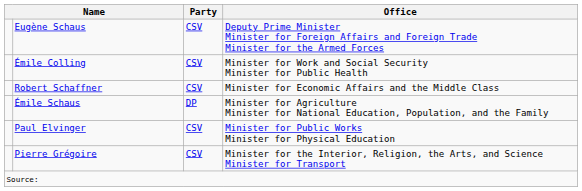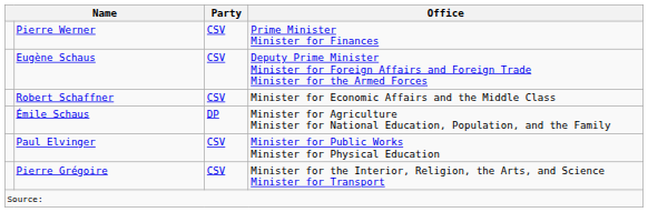 <table class="wikitable">
 <tr>
 <th colspan=2 width=250px>Name</th>
 <th width=50px>Party</th>
 <th width=500px>Office</th>
 </tr>
 <tr>
 <td style="background-color: "></td>
+<td valign=top><a href='#'>Pierre Werner</a></td>
+<td valign=top><a href='#'>CSV</a></td>
+<td><a href='#'>Prime Minister</a> <br> <a href='#'>Minister for Finances</a></td>
+</tr>
+<tr>
+<td style="background-color: "></td>
 <td valign=top><a href='#'>Eugène Schaus</a></td>
 <td valign=top><a href='#'>CSV</a></td>
 <td><a href='#'>Deputy Prime Minister</a> <br> <a href='#'>Minister for Foreign Affairs and Foreign Trade</a> <br> <a href='#'>Minister for the Armed Forces</a></td>
-</tr>
-<tr>
-<td style="background-color: "></td>
-<td valign=top><a href='#'>Émile Colling</a></td>
-<td valign=top><a href='#'>CSV</a></td>
-<td>Minister for Work and Social Security <br> Minister for Public Health</td>
 </tr>
 <tr>
 <td style="background-color: "></td>
 <td valign=top><a href='#'>Robert Schaffner</a></td>
 <td valign=top><a href='#'>CSV</a></td>
 <td>Minister for Economic Affairs and the Middle Class</td>
 </tr>
 <tr>
 <td style="background-color: "></td>
 <td valign=top><a href='#'>Émile Schaus</a></td>
 <td valign=top><a href='#'>DP</a></td>
 <td>Minister for Agriculture <br> Minister for National Education, Population, and the Family</td>
 </tr>
 <tr>
 <td style="background-color: "></td>
 <td valign=top><a href='#'>Paul Elvinger</a></td>
 <td valign=top><a href='#'>CSV</a></td>
 <td><a href='#'>Minister for Public Works</a> <br> Minister for Physical Education</td>
 </tr>
 <tr>
 <td style="background-color: "></td>
 <td valign=top><a href='#'>Pierre Grégoire</a></td>
 <td valign=top><a href='#'>CSV</a></td>
 <td>Minister for the Interior, Religion, the Arts, and Science <br> <a href='#'>Minister for Transport</a></td>
 </tr>
 <tr>
 <td colspan=4><small>Source: </small></td>
 </tr>
 </table>
